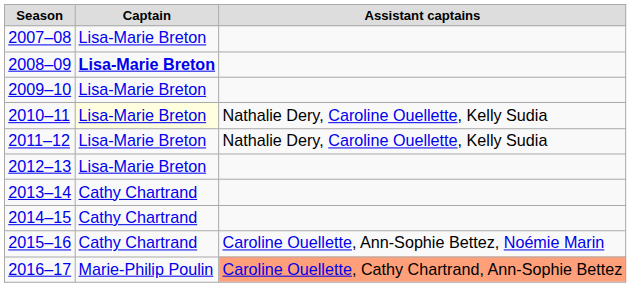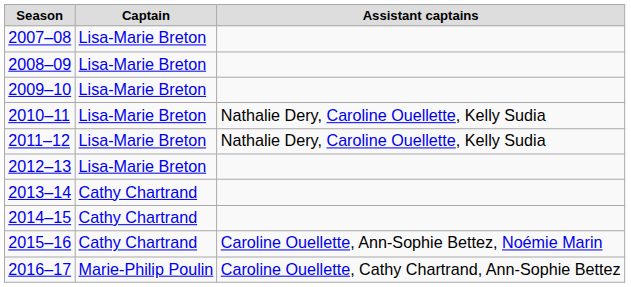 <table class="wikitable">
 <tr align="center" style="font-size: small; font-weight:bold; background-color:#dddddd; padding:5px;" |>
 <td>Season</td>
 <td>Captain</td>
 <td>Assistant captains</td>
 </tr>
 <tr>
 <td><a href='#'>2007–08</a></td>
 <td><a href='#'>Lisa-Marie Breton</a></td>
 <td></td>
 </tr>
 <tr>
 <td><a href='#'>2008–09</a></td>
-<td><strong><a href='#'>Lisa-Marie Breton</a></strong></td>
+<td><a href='#'>Lisa-Marie Breton</a></td>
 <td></td>
 </tr>
 <tr>
 <td><a href='#'>2009–10</a></td>
 <td><a href='#'>Lisa-Marie Breton</a></td>
 <td></td>
 </tr>
 <tr>
 <td><a href='#'>2010–11</a></td>
-<td style="background: lightyellow;"><a href='#'>Lisa-Marie Breton</a></td>
+<td><a href='#'>Lisa-Marie Breton</a></td>
 <td>Nathalie Dery, <a href='#'>Caroline Ouellette</a>, Kelly Sudia</td>
 </tr>
 <tr>
 <td><a href='#'>2011–12</a></td>
 <td><a href='#'>Lisa-Marie Breton</a></td>
 <td>Nathalie Dery, <a href='#'>Caroline Ouellette</a>, Kelly Sudia</td>
 </tr>
 <tr>
 <td><a href='#'>2012–13</a></td>
 <td><a href='#'>Lisa-Marie Breton</a></td>
 <td></td>
 </tr>
 <tr>
 <td><a href='#'>2013–14</a></td>
 <td><a href='#'>Cathy Chartrand</a></td>
 <td></td>
 </tr>
 <tr>
 <td><a href='#'>2014–15</a></td>
 <td><a href='#'>Cathy Chartrand</a></td>
 <td></td>
 </tr>
 <tr>
 <td><a href='#'>2015–16</a></td>
 <td><a href='#'>Cathy Chartrand</a></td>
 <td><a href='#'>Caroline Ouellette</a>, Ann-Sophie Bettez, <a href='#'>Noémie Marin</a></td>
 </tr>
 <tr>
 <td><a href='#'>2016–17</a></td>
 <td><a href='#'>Marie-Philip Poulin</a></td>
-<td style="background: lightsalmon;"><a href='#'>Caroline Ouellette</a>, Cathy Chartrand, Ann-Sophie Bettez</td>
+<td><a href='#'>Caroline Ouellette</a>, Cathy Chartrand, Ann-Sophie Bettez</td>
 </tr>
 </table>
